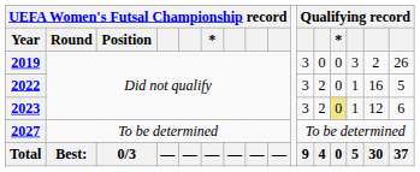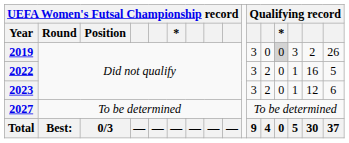 <table class="wikitable" style="text-align: center;">
 <tr>
 <th colspan="9"><a href='#'>UEFA Women's Futsal Championship</a> record</th>
 <td rowspan=17></td>
 <th colspan=6>Qualifying record</th>
 </tr>
 <tr>
 <th>Year</th>
 <th>Round</th>
 <th>Position</th>
 <th></th>
 <th></th>
 <th>*</th>
 <th></th>
 <th></th>
 <th></th>
 <th></th>
 <th></th>
 <th>*</th>
 <th></th>
 <th></th>
 <th></th>
 </tr>
 <tr>
 <th> <a href='#'>2019</a></th>
 <td colspan="8" rowspan="3"><em>Did not qualify</em></td>
 <td>3</td>
 <td>0</td>
-<td>0</td>
+<td style="background: lightgrey;">0</td>
 <td>3</td>
 <td>2</td>
 <td>26</td>
 </tr>
 <tr>
 <th> <a href='#'>2022</a></th>
 <td>3</td>
 <td>2</td>
 <td>0</td>
 <td>1</td>
 <td>16</td>
 <td>5</td>
 </tr>
 <tr>
 <th> <a href='#'>2023</a></th>
 <td>3</td>
 <td>2</td>
-<td style="background: khaki;">0</td>
+<td>0</td>
 <td>1</td>
 <td>12</td>
 <td>6</td>
 </tr>
 <tr>
 <th> <a href='#'>2027</a></th>
 <td colspan="8"><em>To be determined</em></td>
 <td colspan=6><em>To be determined</em></td>
 </tr>
 <tr>
 <th>Total</th>
 <th>Best:</th>
 <th>0/3</th>
 <th>—</th>
 <th>—</th>
 <th>—</th>
 <th>—</th>
 <th>—</th>
 <th>—</th>
 <th>9</th>
 <th>4</th>
 <th>0</th>
 <th>5</th>
 <th>30</th>
 <th>37</th>
 </tr>
 </table>
